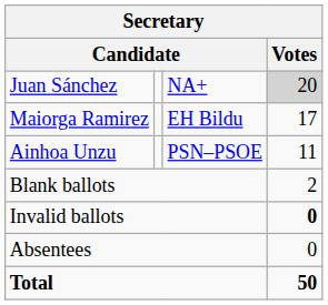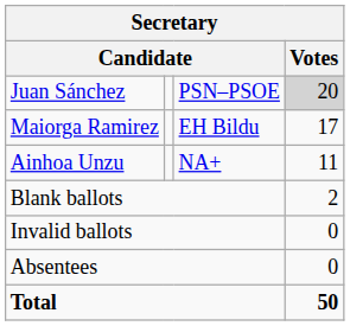 <table class="wikitable" style="font-size:90%; text-align:right;">
 <tr>
 <th colspan="4">Secretary</th>
 </tr>
 <tr>
 <th colspan="3">Candidate</th>
 <th>Votes</th>
 </tr>
 <tr>
 <td align="left"> <a href='#'>Juan Sánchez</a></td>
 <td style="background:"></td>
-<td align="left"><a href='#'>NA+</a></td>
+<td align="left"><a href='#'>PSN–PSOE</a></td>
 <td style="background: lightgrey;">20</td>
 </tr>
 <tr>
 <td align="left"> <a href='#'>Maiorga Ramirez</a></td>
 <td style="background:"></td>
 <td align="left"><a href='#'>EH Bildu</a></td>
 <td>17</td>
 </tr>
 <tr>
 <td align="left"> <a href='#'>Ainhoa Unzu</a></td>
 <td style="background:"></td>
-<td align="left"><a href='#'>PSN–PSOE</a></td>
+<td align="left"><a href='#'>NA+</a></td>
 <td>11</td>
 </tr>
 <tr>
 <td align=left colspan="3">Blank ballots</td>
 <td>2</td>
 </tr>
 <tr>
 <td align=left colspan="3">Invalid ballots</td>
-<td><strong>0</strong></td>
+<td>0</td>
 </tr>
 <tr>
 <td align=left colspan="3">Absentees</td>
 <td>0</td>
 </tr>
 <tr style="font-weight:bold">
 <td align=left colspan="3">Total</td>
 <td>50</td>
 </tr>
 </table>
